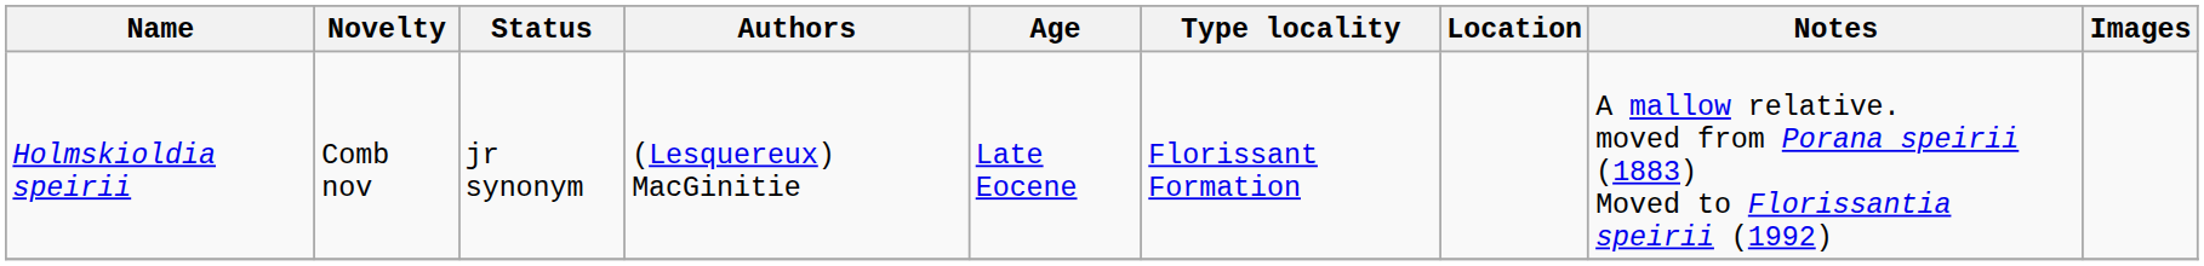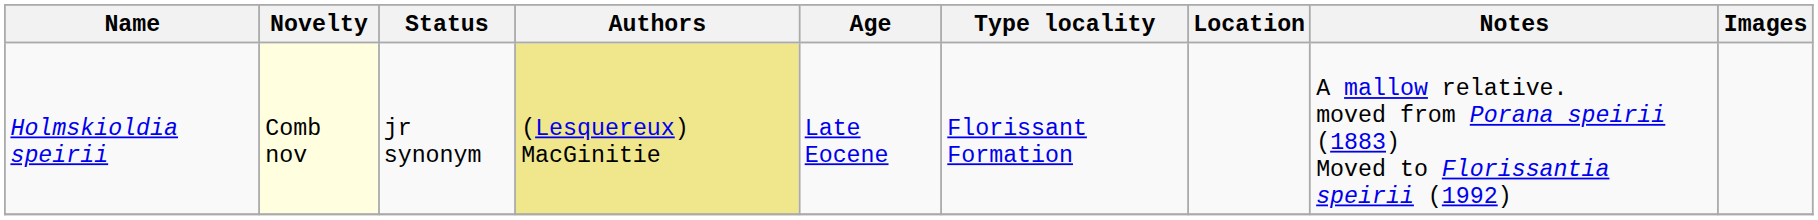 <table class="wikitable sortable" align="center" width="80%">
 <tr>
 <th>Name</th>
 <th>Novelty</th>
 <th>Status</th>
 <th>Authors</th>
 <th>Age</th>
 <th>Type locality</th>
 <th>Location</th>
 <th>Notes</th>
 <th>Images</th>
 </tr>
 <tr>
 <td><br><em><a href='#'>Holmskioldia speirii</a></em></td>
-<td><br>Comb nov</td>
+<td style="background: lightyellow;"><br>Comb nov</td>
 <td><br>jr synonym</td>
-<td><br>(<a href='#'>Lesquereux</a>) MacGinitie</td>
+<td style="background: khaki;"><br>(<a href='#'>Lesquereux</a>) MacGinitie</td>
 <td><br><a href='#'>Late Eocene</a></td>
 <td><br><a href='#'>Florissant Formation</a></td>
 <td><br><br></td>
 <td><br>A <a href='#'>mallow</a> relative.<br> moved from <em><a href='#'>Porana speirii</a></em> (<a href='#'>1883</a>)<br> Moved to <em><a href='#'>Florissantia speirii</a></em> (<a href='#'>1992</a>)</td>
 <td><br></td>
 </tr>
 <tr>
 </tr>
 </table>
